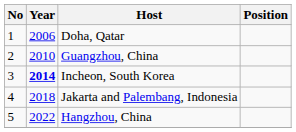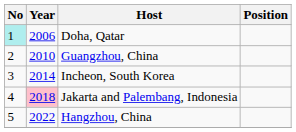 <table class="wikitable">
 <tr>
 <th>No</th>
 <th>Year</th>
 <th>Host</th>
 <th>Position</th>
 </tr>
 <tr>
-<td>1</td>
+<td style="background: paleturquoise;">1</td>
 <td><a href='#'>2006</a></td>
 <td> Doha, Qatar</td>
 <td></td>
 </tr>
 <tr>
 <td>2</td>
 <td><a href='#'>2010</a></td>
 <td> <a href='#'>Guangzhou</a>, China</td>
 <td></td>
 </tr>
 <tr>
 <td>3</td>
-<td><strong><a href='#'>2014</a></strong></td>
+<td><a href='#'>2014</a></td>
 <td> Incheon, South Korea</td>
 <td></td>
 </tr>
 <tr>
 <td>4</td>
-<td><a href='#'>2018</a></td>
+<td style="background: pink;"><a href='#'>2018</a></td>
 <td> Jakarta and <a href='#'>Palembang</a>, Indonesia</td>
 <td></td>
 </tr>
 <tr>
 <td>5</td>
 <td><a href='#'>2022</a></td>
 <td> <a href='#'>Hangzhou</a>, China</td>
 <td></td>
 </tr>
 <tr>
 </tr>
 </table>
